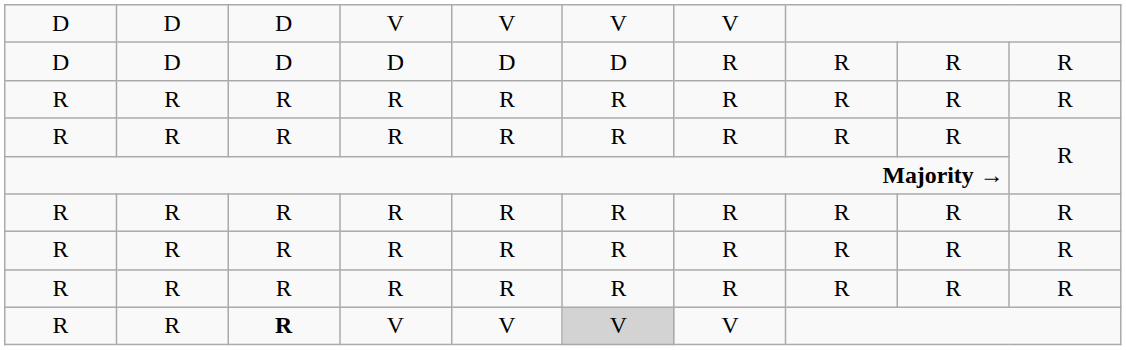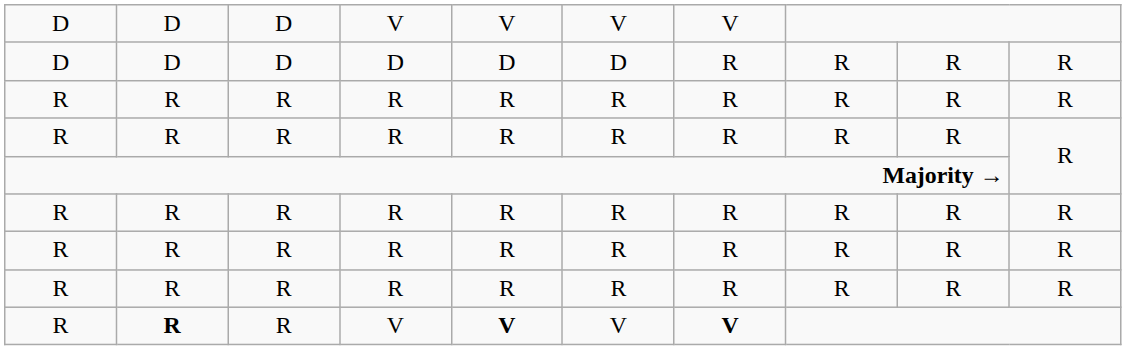 <table class="wikitable" style="text-align:center" width=750px>
 <tr>
 <td>D</td>
 <td>D</td>
 <td>D</td>
 <td>V<br></td>
 <td>V<br></td>
 <td>V<br></td>
 <td>V</td>
 <td colspan=3> </td>
 </tr>
 <tr>
 <td width=50px >D</td>
 <td width=50px >D<br></td>
 <td width=50px >D<br></td>
 <td width=50px >D<br></td>
 <td width=50px >D<br></td>
 <td width=50px >D<br></td>
 <td width=50px >R<br></td>
 <td width=50px >R<br></td>
 <td width=50px >R<br></td>
 <td width=50px >R<br></td>
 </tr>
 <tr>
 <td>R<br></td>
 <td>R<br></td>
 <td>R<br></td>
 <td>R<br></td>
 <td>R<br></td>
 <td>R<br></td>
 <td>R<br></td>
 <td>R<br></td>
 <td>R<br></td>
 <td>R<br></td>
 </tr>
 <tr>
 <td>R<br></td>
 <td>R<br></td>
 <td>R<br></td>
 <td>R</td>
 <td>R</td>
 <td>R</td>
 <td>R</td>
 <td>R</td>
 <td>R</td>
 <td rowspan=2 >R</td>
 </tr>
 <tr>
 <td colspan=9 align=right><strong>Majority →</strong></td>
 </tr>
 <tr>
 <td>R</td>
 <td>R</td>
 <td>R</td>
 <td>R</td>
 <td>R</td>
 <td>R</td>
 <td>R</td>
 <td>R</td>
 <td>R</td>
 <td>R</td>
 </tr>
 <tr>
 <td>R</td>
 <td>R</td>
 <td>R</td>
 <td>R</td>
 <td>R</td>
 <td>R</td>
 <td>R</td>
 <td>R</td>
 <td>R</td>
 <td>R</td>
 </tr>
 <tr>
 <td>R</td>
 <td>R</td>
 <td>R</td>
 <td>R</td>
 <td>R</td>
 <td>R</td>
 <td>R</td>
 <td>R</td>
 <td>R</td>
 <td>R</td>
 </tr>
 <tr>
 <td>R</td>
+<td><strong>R</strong></td>
 <td>R</td>
-<td><strong>R</strong></td>
 <td>V</td>
+<td><strong>V</strong></td>
 <td>V</td>
-<td style="background: lightgrey;">V</td>
-<td>V</td>
+<td><strong>V</strong></td>
 <td colspan=3> </td>
 </tr>
 </table>
